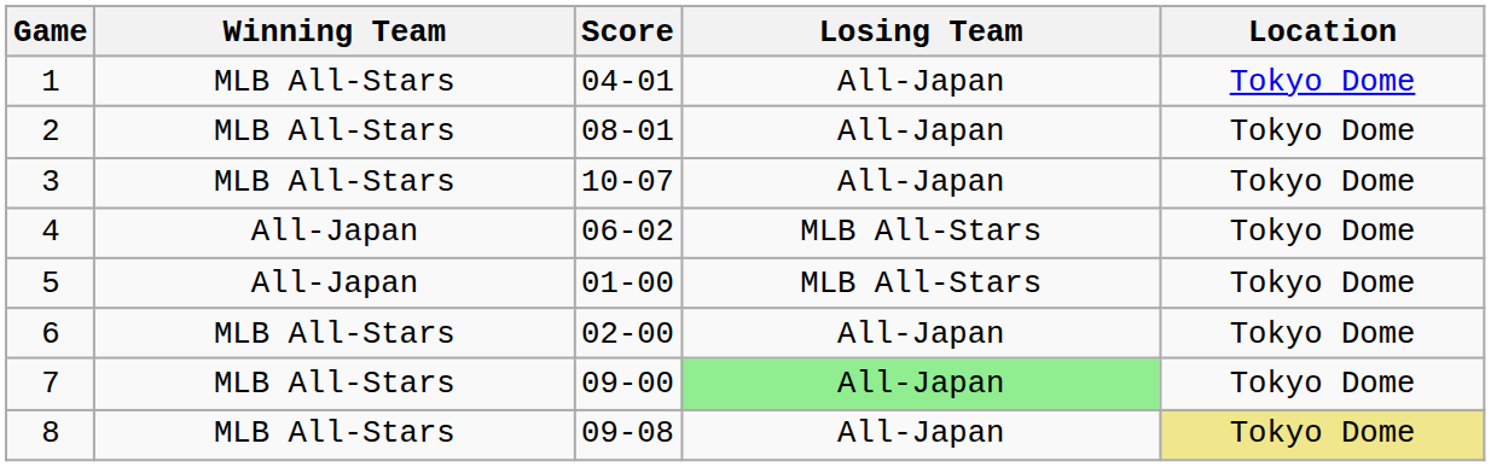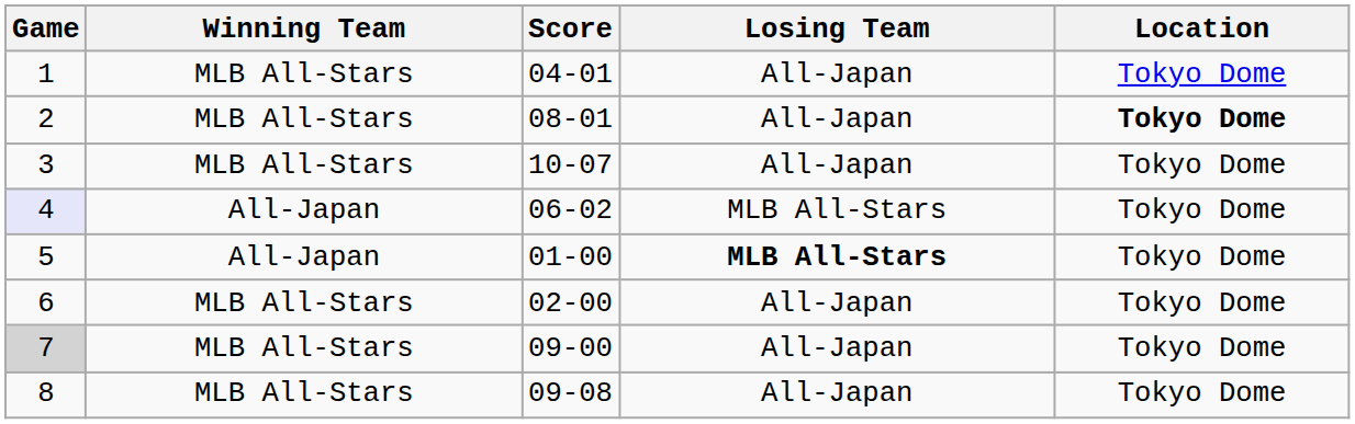 <table class="wikitable">
 <tr>
 <th>Game</th>
 <th>Winning Team</th>
 <th>Score</th>
 <th>Losing Team</th>
 <th>Location</th>
 </tr>
 <tr>
 <td style="width: 2em; text-align:center">1</td>
 <td style="width:15em; text-align:center">MLB All-Stars</td>
 <td style="width: 2em; text-align:center">04-01</td>
 <td style="width:15em; text-align:center">All-Japan</td>
 <td style="width:10em; text-align:center"><a href='#'>Tokyo Dome</a></td>
 </tr>
 <tr>
 <td style="text-align:center">2</td>
 <td style="text-align:center">MLB All-Stars</td>
 <td style="text-align:center">08-01</td>
 <td style="text-align:center">All-Japan</td>
-<td style="text-align:center">Tokyo Dome</td>
+<td style="text-align:center"><strong>Tokyo Dome</strong></td>
 </tr>
 <tr>
 <td style="text-align:center">3</td>
 <td style="text-align:center">MLB All-Stars</td>
 <td style="text-align:center">10-07</td>
 <td style="text-align:center">All-Japan</td>
 <td style="text-align:center">Tokyo Dome</td>
 </tr>
 <tr>
-<td style="text-align:center">4</td>
+<td style="background: lavender; text-align:center">4</td>
 <td style="text-align:center">All-Japan</td>
 <td style="text-align:center">06-02</td>
 <td style="text-align:center">MLB All-Stars</td>
 <td style="text-align:center">Tokyo Dome</td>
 </tr>
 <tr>
 <td style="text-align:center">5</td>
 <td style="text-align:center">All-Japan</td>
 <td style="text-align:center">01-00</td>
-<td style="text-align:center">MLB All-Stars</td>
+<td style="text-align:center"><strong>MLB All-Stars</strong></td>
 <td style="text-align:center">Tokyo Dome</td>
 </tr>
 <tr>
 <td style="text-align:center">6</td>
 <td style="text-align:center">MLB All-Stars</td>
 <td style="text-align:center">02-00</td>
 <td style="text-align:center">All-Japan</td>
 <td style="text-align:center">Tokyo Dome</td>
 </tr>
 <tr>
-<td style="text-align:center">7</td>
+<td style="background: lightgrey; text-align:center">7</td>
 <td style="text-align:center">MLB All-Stars</td>
 <td style="text-align:center">09-00</td>
-<td style="background: lightgreen; text-align:center">All-Japan</td>
+<td style="text-align:center">All-Japan</td>
 <td style="text-align:center">Tokyo Dome</td>
 </tr>
 <tr>
 <td style="text-align:center">8</td>
 <td style="text-align:center">MLB All-Stars</td>
 <td style="text-align:center">09-08</td>
 <td style="text-align:center">All-Japan</td>
-<td style="background: khaki; text-align:center">Tokyo Dome</td>
+<td style="text-align:center">Tokyo Dome</td>
 </tr>
 </table>
